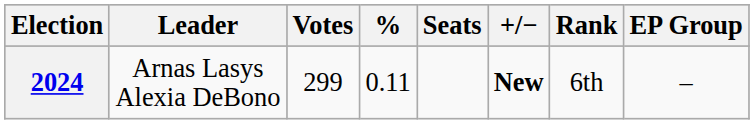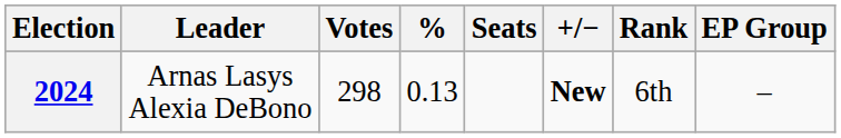 <table class="wikitable" style="text-align:center">
 <tr>
 <th>Election</th>
 <th>Leader</th>
 <th>Votes</th>
 <th>%</th>
 <th>Seats</th>
 <th>+/−</th>
 <th>Rank</th>
 <th>EP Group</th>
 </tr>
 <tr>
 <th><a href='#'>2024</a></th>
 <td>Arnas Lasys<br>Alexia DeBono</td>
-<td>299</td>
-<td>0.11</td>
+<td>298</td>
+<td>0.13</td>
 <td></td>
 <td><strong>New</strong></td>
 <td> 6th</td>
 <td>–</td>
 </tr>
 </table>
